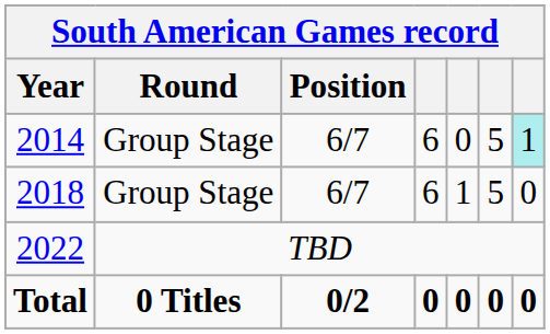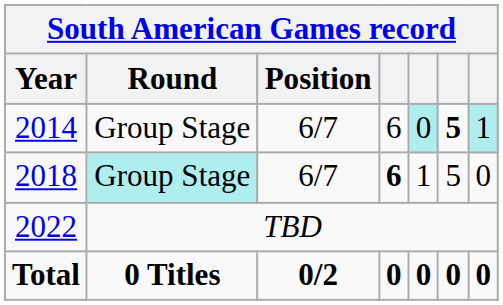 <table class="wikitable" style="text-align: center;">
 <tr>
 <th colspan=10><a href='#'>South American Games record</a></th>
 </tr>
 <tr>
 <th>Year</th>
 <th>Round</th>
 <th>Position</th>
 <th></th>
 <th></th>
 <th></th>
 <th></th>
 </tr>
 <tr>
 <td> <a href='#'>2014</a></td>
 <td>Group Stage</td>
 <td>6/7</td>
 <td>6</td>
-<td>0</td>
-<td>5</td>
+<td style="background: paleturquoise;">0</td>
+<td><strong>5</strong></td>
 <td style="background: paleturquoise;">1</td>
 </tr>
 <tr>
 <td> <a href='#'>2018</a></td>
-<td>Group Stage</td>
+<td style="background: paleturquoise;">Group Stage</td>
 <td>6/7</td>
-<td>6</td>
+<td><strong>6</strong></td>
 <td>1</td>
 <td>5</td>
 <td>0</td>
 </tr>
 <tr>
 <td> <a href='#'>2022</a></td>
 <td colspan="6" rowspan=1><em>TBD</em></td>
 </tr>
 <tr>
 <td colspan=1><strong>Total</strong></td>
 <td><strong>0 Titles</strong></td>
 <td><strong>0/2</strong></td>
 <td><strong>0</strong></td>
 <td><strong>0</strong></td>
 <td><strong>0</strong></td>
 <td><strong>0</strong></td>
 </tr>
 </table>
